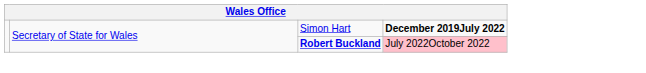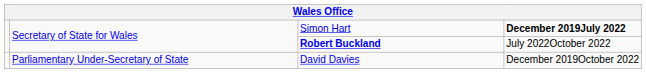 <table class="wikitable">
 <tr>
 <th colspan="4"><a href='#'>Wales Office</a></th>
 </tr>
 <tr>
 <td rowspan="2" style="width: 1px; background: "></td>
 <td rowspan="2"  style="width: 450px;"><a href='#'>Secretary of State for Wales</a></td>
 <td><a href='#'>Simon Hart</a></td>
 <td><strong>December 2019July 2022</strong></td>
 </tr>
 <tr>
 <td><strong><a href='#'>Robert Buckland</a></strong></td>
-<td style="background: pink;">July 2022October 2022</td>
+<td>July 2022October 2022</td>
+</tr>
+<tr>
+<td style="width: 1px; background: "></td>
+<td style="width: 450px;"><a href='#'>Parliamentary Under-Secretary of State</a></td>
+<td style="width: 320px;"><a href='#'>David Davies</a><br></td>
+<td>December 2019October 2022</td>
 </tr>
 </table>
